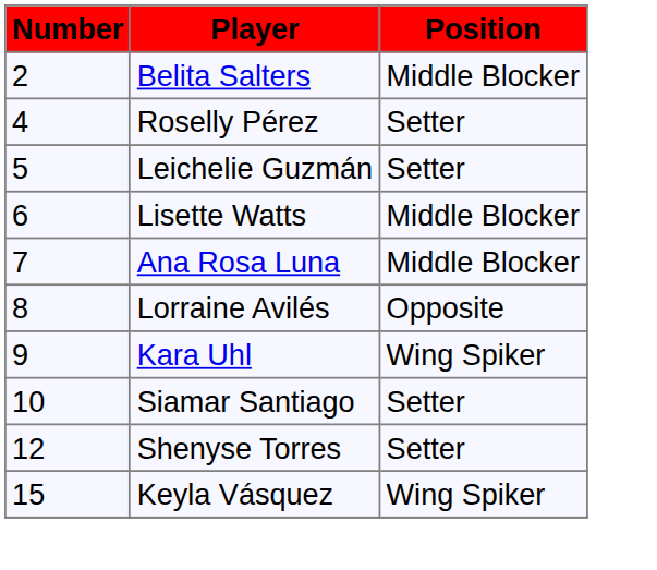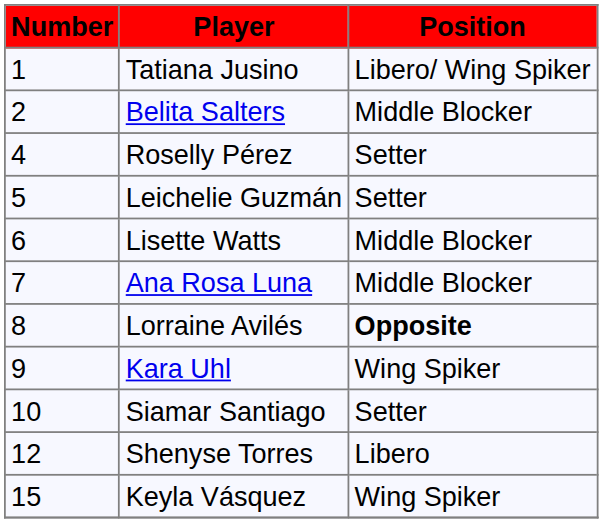 <table bgcolor="#f7f8ff" cellpadding="3" cellspacing="0" border="1" style="font-size: 95%; border: gray solid 1px; border-collapse: collapse;">
 <tr bgcolor="#ff0000">
 <td align=center><strong>Number</strong></td>
 <td align=center><strong>Player</strong></td>
 <td align=center><strong>Position</strong></td>
+</tr>
+<tr align="left">
+<td>1</td>
+<td> Tatiana Jusino</td>
+<td>Libero/ Wing Spiker</td>
 </tr>
 <tr align="left">
 <td>2</td>
 <td> <a href='#'>Belita Salters</a></td>
 <td>Middle Blocker</td>
 </tr>
 <tr align="left">
 <td>4</td>
 <td> Roselly Pérez</td>
 <td>Setter</td>
 </tr>
 <tr align="left">
 <td>5</td>
 <td> Leichelie Guzmán</td>
 <td>Setter</td>
 </tr>
 <tr align="left">
 <td>6</td>
 <td> Lisette Watts</td>
 <td>Middle Blocker</td>
 </tr>
 <tr align="left">
 <td>7</td>
 <td> <a href='#'>Ana Rosa Luna</a></td>
 <td>Middle Blocker</td>
 </tr>
 <tr align="left">
 <td>8</td>
 <td> Lorraine Avilés</td>
-<td>Opposite</td>
+<td><strong>Opposite</strong></td>
 </tr>
 <tr align="left">
 <td>9</td>
 <td> <a href='#'>Kara Uhl</a></td>
 <td>Wing Spiker</td>
 </tr>
 <tr align="left">
 <td>10</td>
 <td> Siamar Santiago</td>
 <td>Setter</td>
 </tr>
 <tr align="left">
 <td>12</td>
 <td> Shenyse Torres</td>
-<td>Setter</td>
+<td>Libero</td>
 </tr>
 <tr align="left">
 <td>15</td>
 <td> Keyla Vásquez</td>
 <td>Wing Spiker</td>
 </tr>
 <tr align="left">
 </tr>
 </table>
